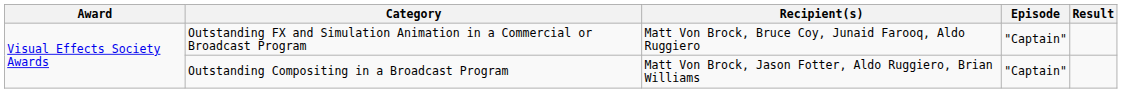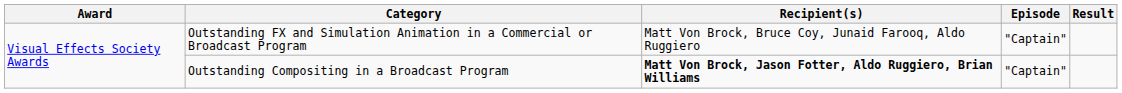 <table class="wikitable">
 <tr>
 <th>Award</th>
 <th>Category</th>
 <th>Recipient(s)</th>
 <th>Episode</th>
 <th>Result</th>
 </tr>
 <tr>
 <td rowspan=2><a href='#'>Visual Effects Society Awards</a></td>
 <td>Outstanding FX and Simulation Animation in a Commercial or Broadcast Program</td>
 <td>Matt Von Brock, Bruce Coy, Junaid Farooq, Aldo Ruggiero</td>
 <td>"Captain"</td>
 <td></td>
 </tr>
 <tr>
 <td>Outstanding Compositing in a Broadcast Program</td>
-<td>Matt Von Brock, Jason Fotter, Aldo Ruggiero, Brian Williams</td>
+<td><strong>Matt Von Brock, Jason Fotter, Aldo Ruggiero, Brian Williams</strong></td>
 <td>"Captain"</td>
 <td></td>
 </tr>
 </table>
